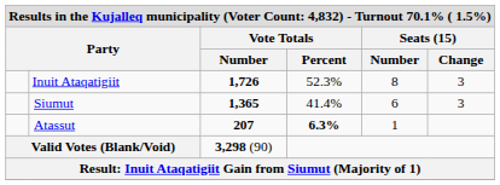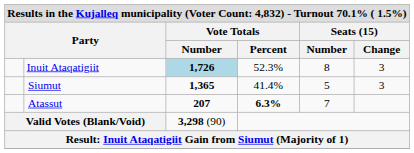 <table class="wikitable" style="margin-left:1em;">
 <tr>
 <th colspan="6" style="background:#dddddd; text-align:center;"><strong>Results in the <a href='#'>Kujalleq</a> municipality</strong> (Voter Count: 4,832) - Turnout 70.1% ( 1.5%)</th>
 </tr>
 <tr>
 <th colspan="2" rowspan="2">Party</th>
 <th colspan="2">Vote Totals</th>
 <th colspan="2">Seats (15)</th>
 </tr>
 <tr>
 <th>Number</th>
 <th style="width:80px;">Percent</th>
 <th style="width:70px;">Number</th>
 <th style="width:70px;">Change</th>
 </tr>
 <tr>
 <td style="width:20px; background:"></td>
 <td style="width:200px padding-left:5px;"><a href='#'>Inuit Ataqatigiit</a></td>
-<td style="text-align:center;"><strong>1,726</strong></td>
+<td style="background: lightblue; text-align:center;"><strong>1,726</strong></td>
 <td style="text-align:center;">52.3%</td>
 <td style="text-align:center;">8</td>
 <td style="text-align:center;"> 3</td>
 </tr>
 <tr>
 <td style="background:"></td>
 <td style="padding-left:5px;"><a href='#'>Siumut</a></td>
 <td style="text-align:center;"><strong>1,365</strong></td>
 <td style="text-align:center;">41.4%</td>
-<td style="text-align:center;">6</td>
+<td style="text-align:center;">5</td>
 <td style="text-align:center;"> 3</td>
 </tr>
 <tr>
 <td style="background:"></td>
 <td style="padding-left:5px;"><a href='#'>Atassut</a></td>
 <td style="text-align:center;"><strong>207</strong></td>
 <td style="text-align:center;"><strong>6.3%</strong></td>
-<td style="text-align:center;">1</td>
+<td style="text-align:center;">7</td>
 <td style="text-align:center;"></td>
 </tr>
 <tr>
 <th colspan="2" rowspan="1"><strong>Valid Votes</strong> (Blank/Void)</th>
 <td style="text-align:center;"><strong>3,298</strong> (90)</td>
 <td colspan="4"></td>
 </tr>
 <tr>
 <th colspan="6">Result: <a href='#'>Inuit Ataqatigiit</a> Gain from <a href='#'>Siumut</a> (Majority of 1)</th>
 </tr>
 <tr>
 </tr>
 </table>
